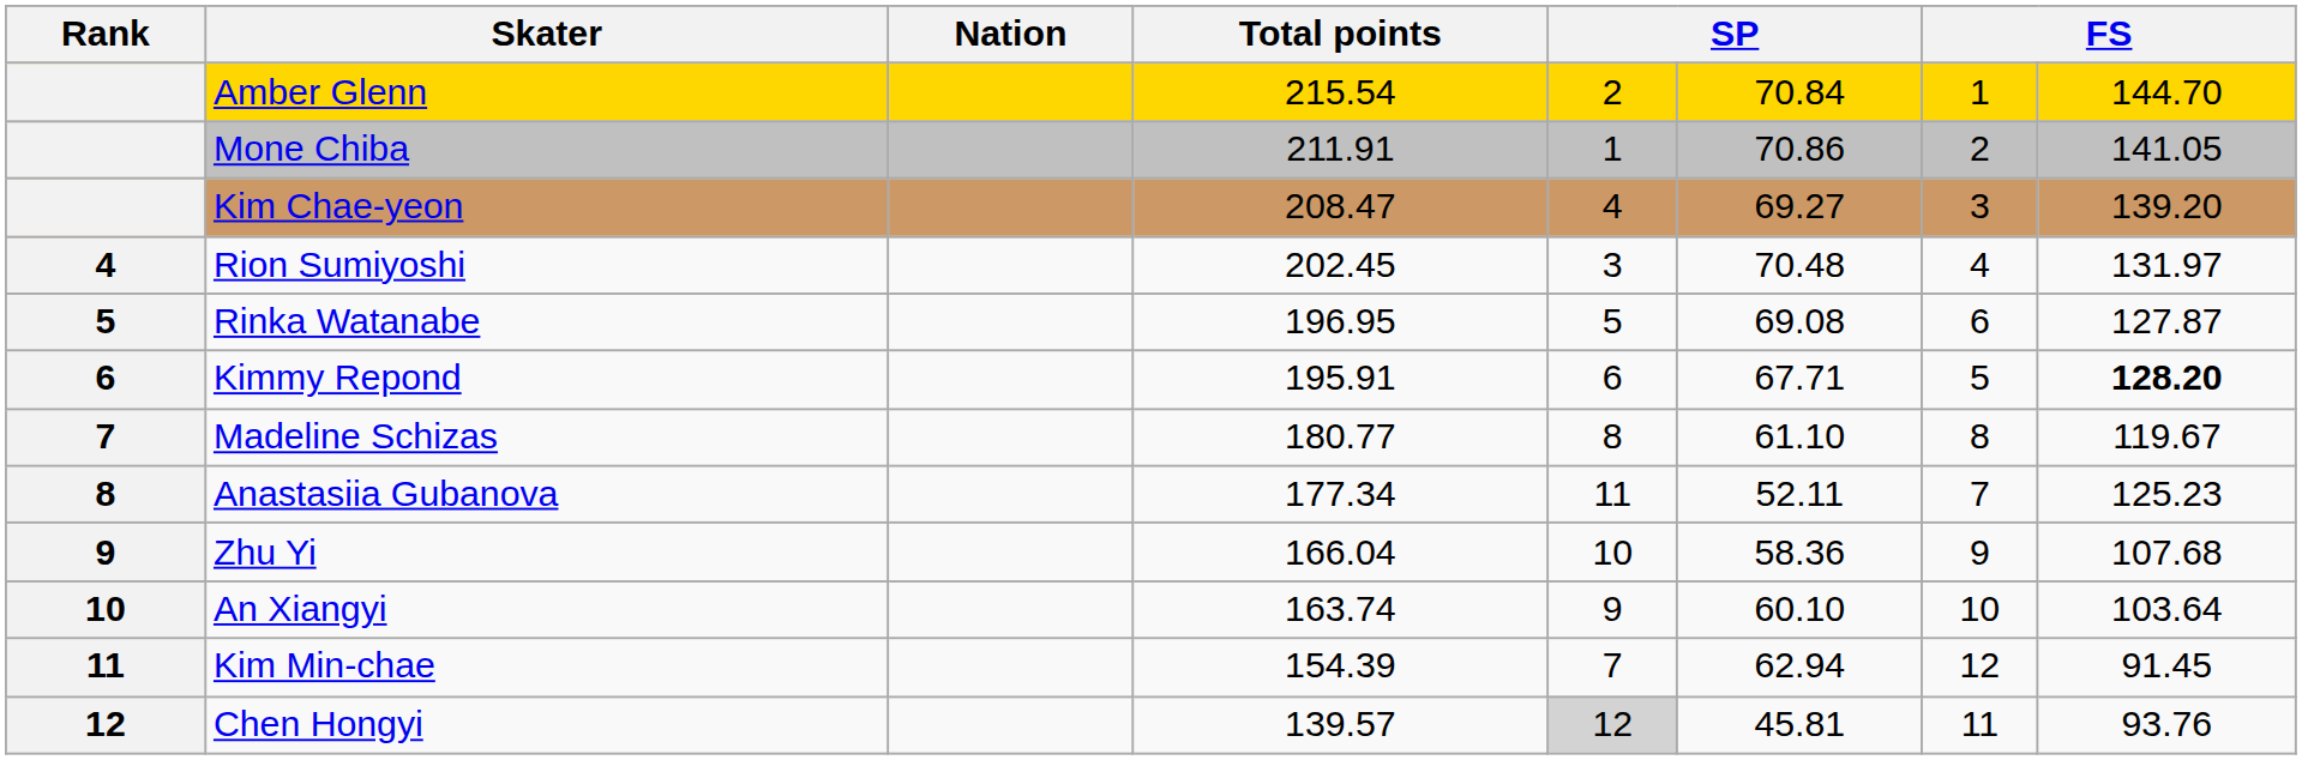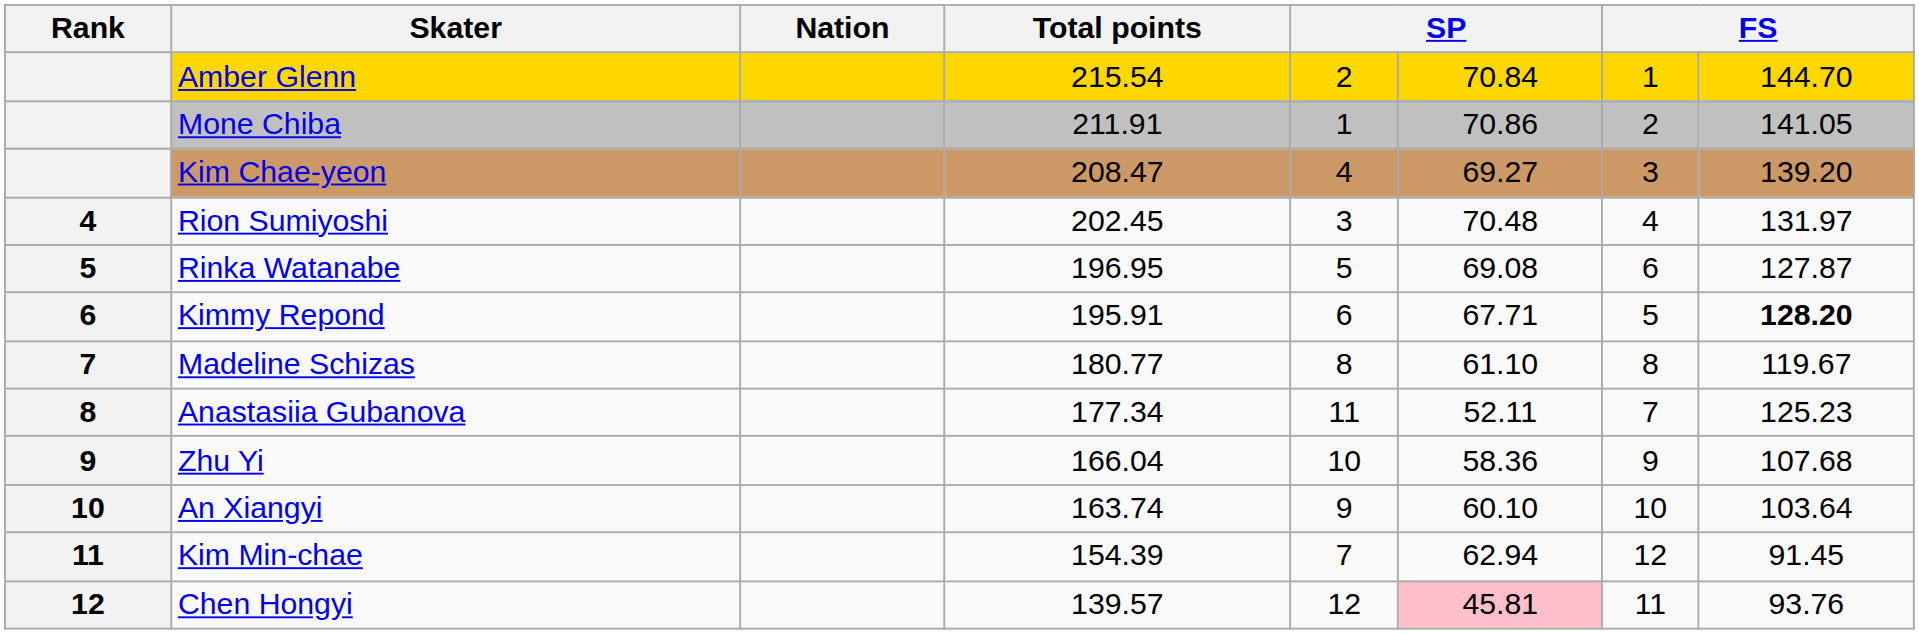 <table class="wikitable sortable" style="text-align:center;" width="80%">
 <tr>
 <th scope="col">Rank</th>
 <th scope="col">Skater</th>
 <th scope="col">Nation</th>
 <th scope="col">Total points</th>
 <th scope="col" colspan="2" width="80px"><a href='#'>SP</a></th>
 <th scope="col" colspan="2" width="80px"><a href='#'>FS</a></th>
 </tr>
 <tr bgcolor="gold">
 <th scope="row"></th>
 <td align="left"><a href='#'>Amber Glenn</a></td>
 <td align="left"></td>
 <td>215.54</td>
 <td>2</td>
 <td>70.84</td>
 <td>1</td>
 <td>144.70</td>
 </tr>
 <tr bgcolor="silver">
 <th scope="row"></th>
 <td align="left"><a href='#'>Mone Chiba</a></td>
 <td align="left"></td>
 <td>211.91</td>
 <td>1</td>
 <td>70.86</td>
 <td>2</td>
 <td>141.05</td>
 </tr>
 <tr bgcolor="cc9966">
 <th scope="row"></th>
 <td align="left"><a href='#'>Kim Chae-yeon</a></td>
 <td align="left"></td>
 <td>208.47</td>
 <td>4</td>
 <td>69.27</td>
 <td>3</td>
 <td>139.20</td>
 </tr>
 <tr>
 <th scope="row">4</th>
 <td align="left"><a href='#'>Rion Sumiyoshi</a></td>
 <td align="left"></td>
 <td>202.45</td>
 <td>3</td>
 <td>70.48</td>
 <td>4</td>
 <td>131.97</td>
 </tr>
 <tr>
 <th scope="row">5</th>
 <td align="left"><a href='#'>Rinka Watanabe</a></td>
 <td align="left"></td>
 <td>196.95</td>
 <td>5</td>
 <td>69.08</td>
 <td>6</td>
 <td>127.87</td>
 </tr>
 <tr>
 <th scope="row">6</th>
 <td align="left"><a href='#'>Kimmy Repond</a></td>
 <td align="left"></td>
 <td>195.91</td>
 <td>6</td>
 <td>67.71</td>
 <td>5</td>
 <td><strong>128.20</strong></td>
 </tr>
 <tr>
 <th scope="row">7</th>
 <td align="left"><a href='#'>Madeline Schizas</a></td>
 <td align="left"></td>
 <td>180.77</td>
 <td>8</td>
 <td>61.10</td>
 <td>8</td>
 <td>119.67</td>
 </tr>
 <tr>
 <th scope="row">8</th>
 <td align="left"><a href='#'>Anastasiia Gubanova</a></td>
 <td align="left"></td>
 <td>177.34</td>
 <td>11</td>
 <td>52.11</td>
 <td>7</td>
 <td>125.23</td>
 </tr>
 <tr>
 <th scope="row">9</th>
 <td align="left"><a href='#'>Zhu Yi</a></td>
 <td align="left"></td>
 <td>166.04</td>
 <td>10</td>
 <td>58.36</td>
 <td>9</td>
 <td>107.68</td>
 </tr>
 <tr>
 <th scope="row">10</th>
 <td align="left"><a href='#'>An Xiangyi</a></td>
 <td align="left"></td>
 <td>163.74</td>
 <td>9</td>
 <td>60.10</td>
 <td>10</td>
 <td>103.64</td>
 </tr>
 <tr>
 <th scope="row">11</th>
 <td align="left"><a href='#'>Kim Min-chae</a></td>
 <td align="left"></td>
 <td>154.39</td>
 <td>7</td>
 <td>62.94</td>
 <td>12</td>
 <td>91.45</td>
 </tr>
 <tr>
 <th scope="row">12</th>
 <td align="left"><a href='#'>Chen Hongyi</a></td>
 <td align="left"></td>
 <td>139.57</td>
-<td style="background: lightgrey;">12</td>
-<td>45.81</td>
+<td>12</td>
+<td style="background: pink;">45.81</td>
 <td>11</td>
 <td>93.76</td>
 </tr>
 </table>
